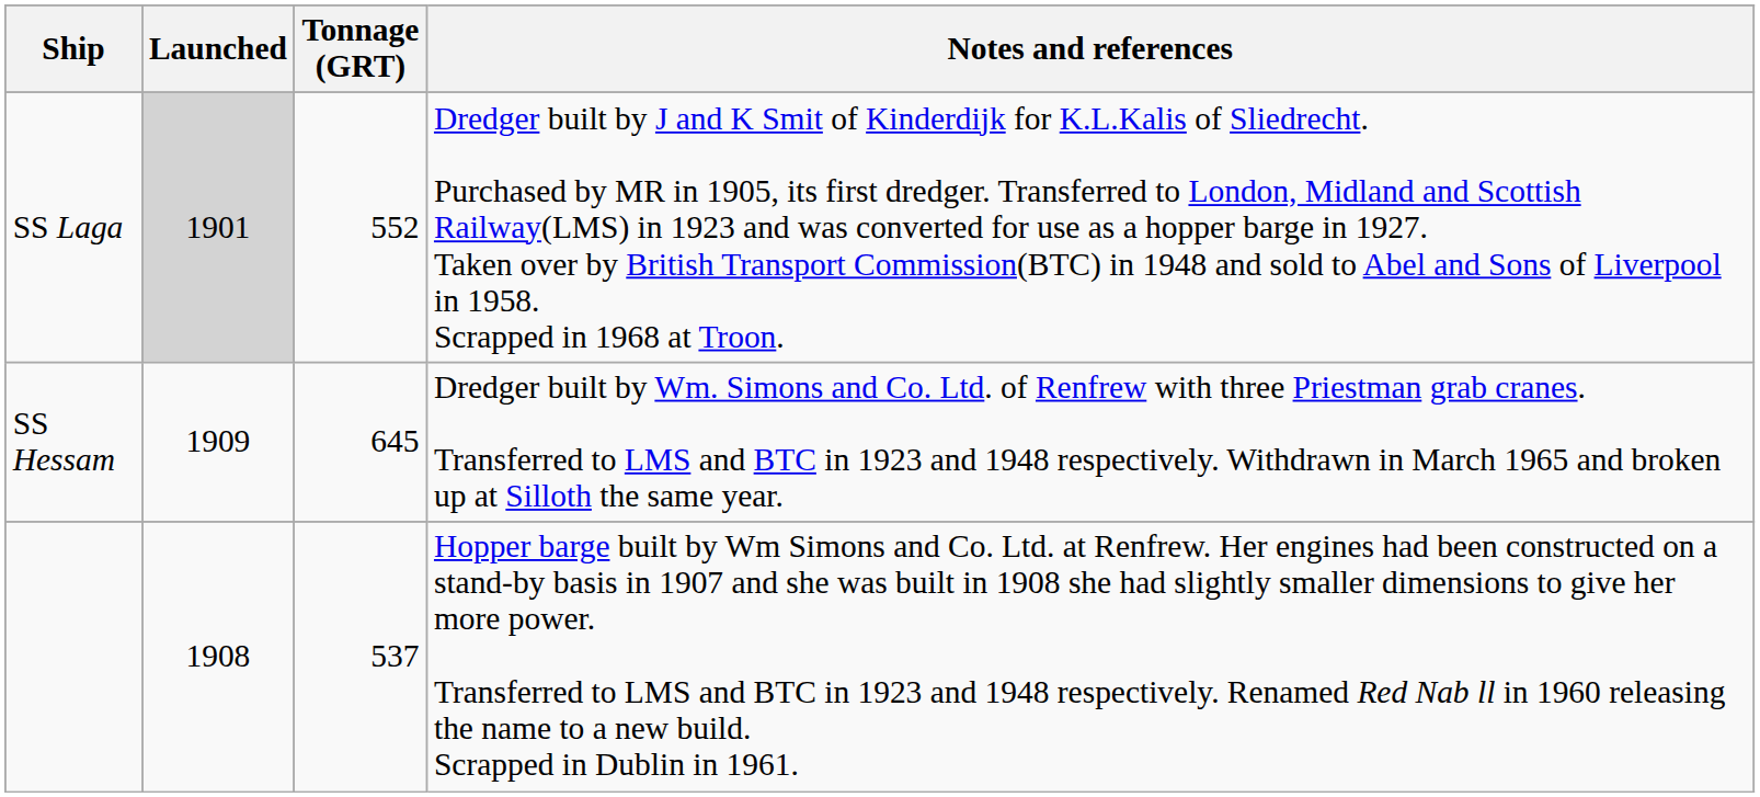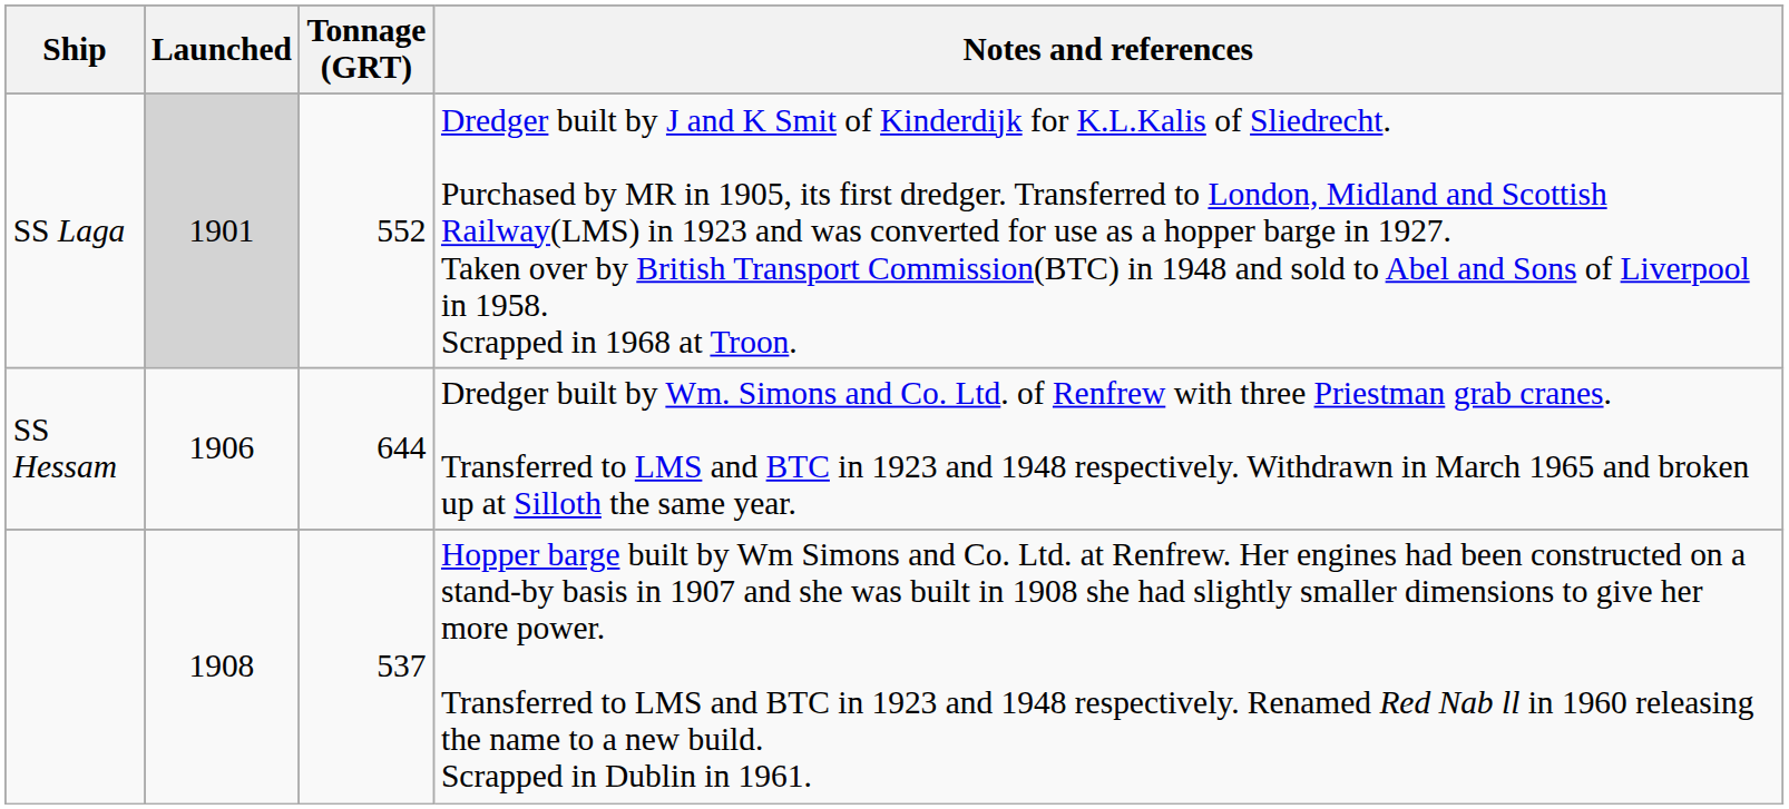 <table class="wikitable sortable">
 <tr>
 <th scope="col">Ship</th>
 <th scope="col">Launched</th>
 <th scope="col">Tonnage<br>(GRT)</th>
 <th scope="col">Notes and references</th>
 </tr>
 <tr>
 <td>SS <em>Laga</em></td>
 <td align="center" style="background: lightgrey;">1901</td>
 <td align="right">552</td>
 <td><a href='#'>Dredger</a> built by <a href='#'>J and K Smit</a> of <a href='#'>Kinderdijk</a> for <a href='#'>K.L.Kalis</a> of <a href='#'>Sliedrecht</a>.<br><br>Purchased by MR in 1905, its first dredger. Transferred to <a href='#'>London, Midland and Scottish Railway</a>(LMS) in 1923 and was converted for use as a hopper barge in 1927.<br> Taken over by <a href='#'>British Transport Commission</a>(BTC) in 1948 and sold to <a href='#'>Abel and Sons</a> of <a href='#'>Liverpool</a> in 1958.<br> Scrapped in 1968 at <a href='#'>Troon</a>.</td>
 </tr>
 <tr>
 <td>SS <em>Hessam</em></td>
-<td align="center">1909</td>
-<td align="right">645</td>
+<td align="center">1906</td>
+<td align="right">644</td>
 <td>Dredger built by <a href='#'>Wm. Simons and Co. Ltd</a>. of <a href='#'>Renfrew</a> with three <a href='#'>Priestman</a> <a href='#'>grab cranes</a>.<br><br>Transferred to <a href='#'>LMS</a> and <a href='#'>BTC</a> in 1923 and 1948 respectively. Withdrawn in March 1965 and broken up at <a href='#'>Silloth</a> the same year.</td>
 </tr>
 <tr>
 <td></td>
 <td align="center">1908</td>
 <td align="right">537</td>
 <td><a href='#'>Hopper barge</a> built by Wm Simons and Co. Ltd. at Renfrew. Her engines had been constructed on a stand-by basis in 1907 and she was built in 1908 she had slightly smaller dimensions to give her more power.<br><br>Transferred to LMS and BTC in 1923 and 1948 respectively. Renamed <em>Red Nab ll</em> in 1960 releasing the name to a new build.<br> Scrapped in Dublin in 1961.</td>
 </tr>
 </table>
